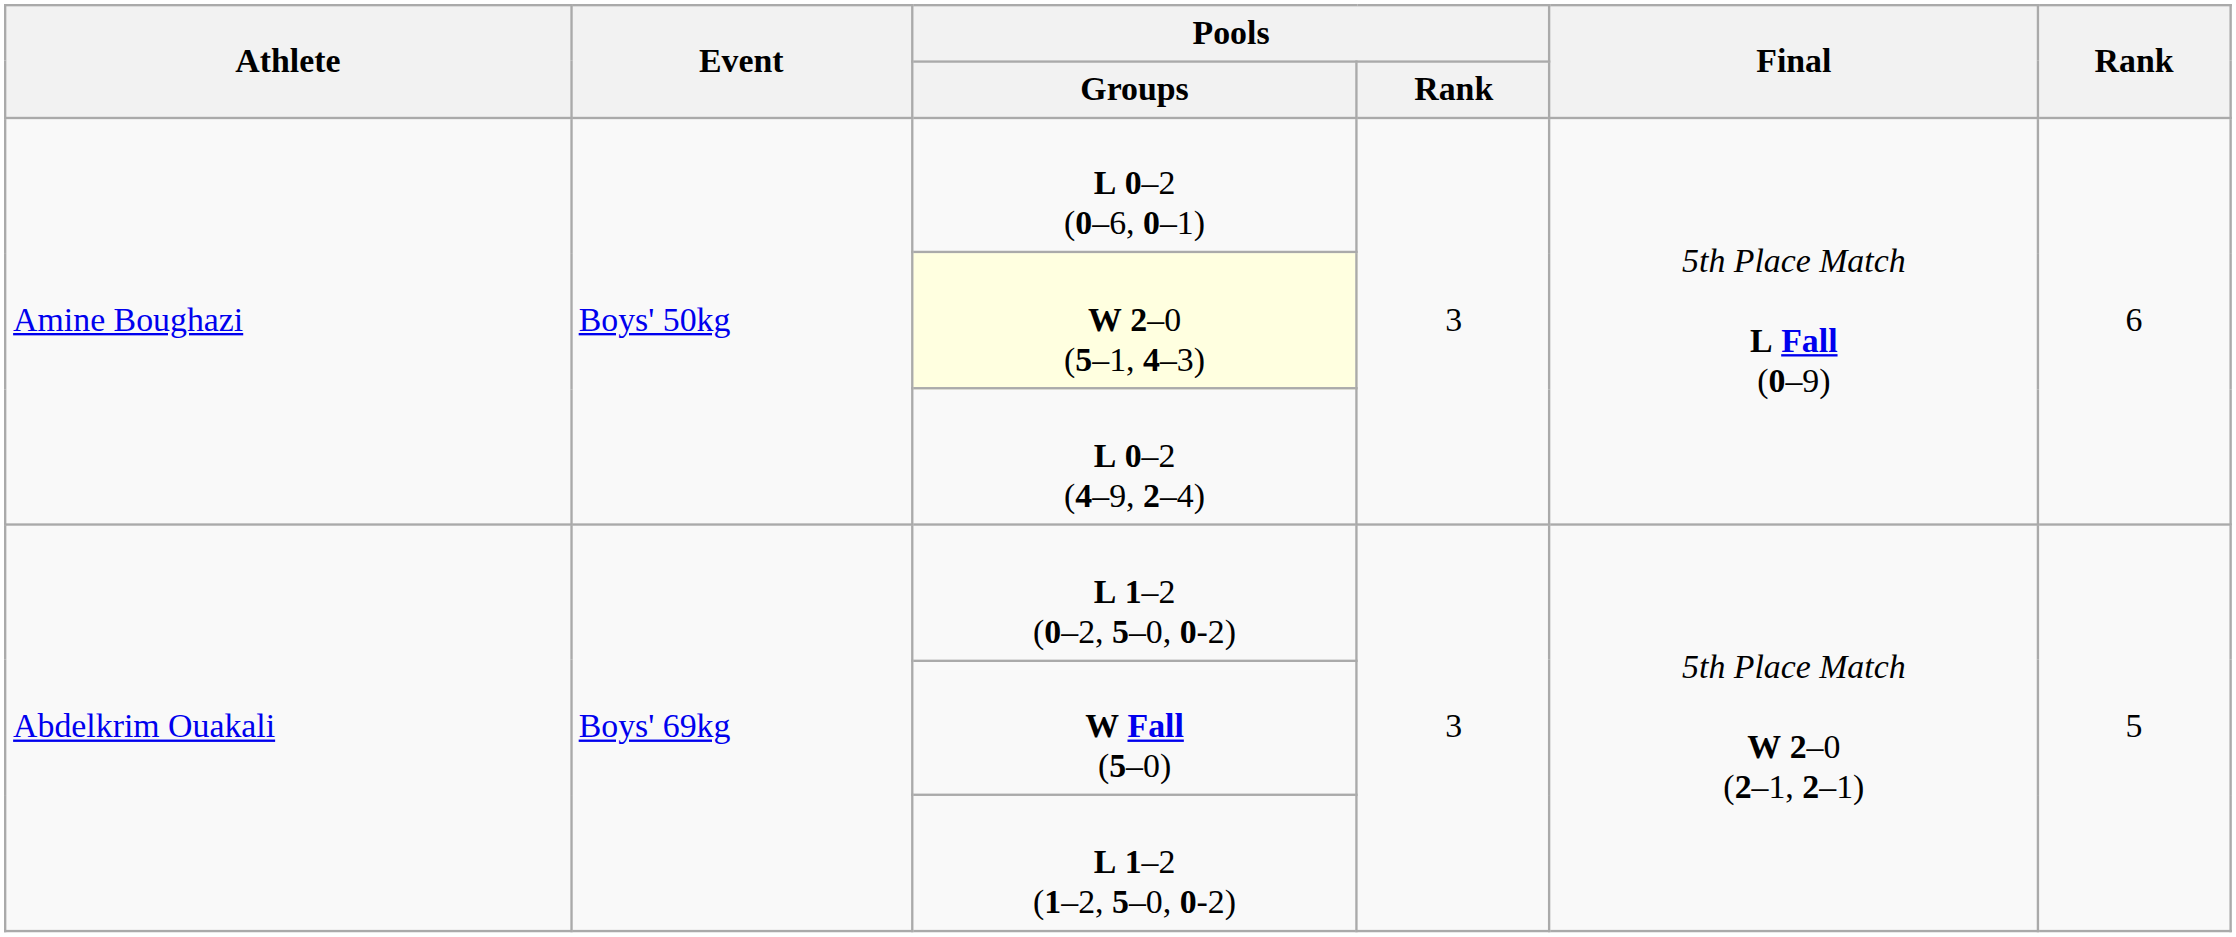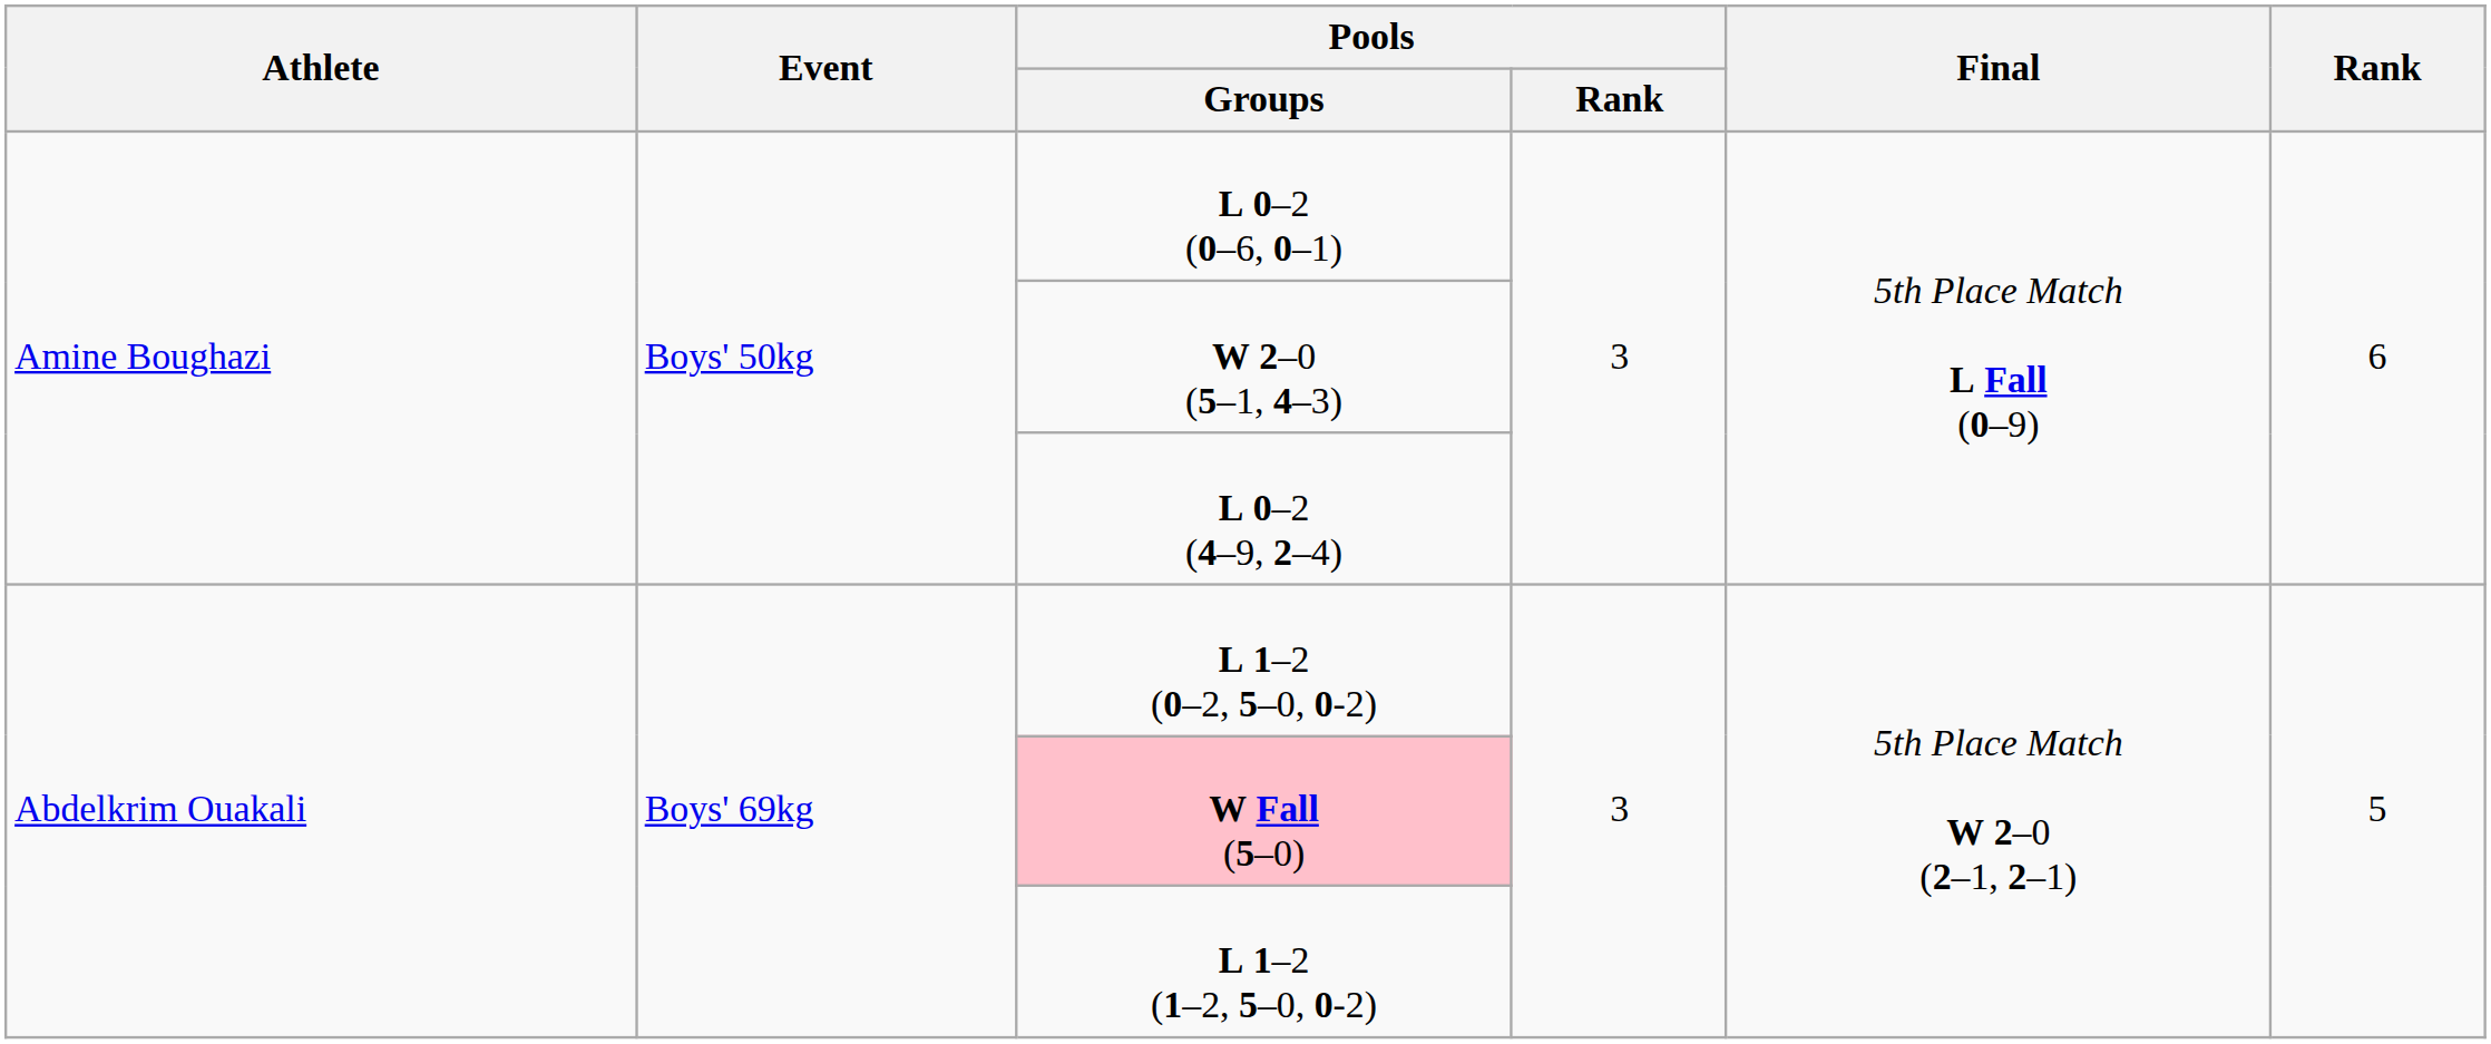 <table class="wikitable" width="75%" style="text-align:left; font-size:90%">
 <tr>
 <th rowspan="2">Athlete</th>
 <th rowspan="2">Event</th>
 <th colspan="2">Pools</th>
 <th rowspan="2">Final</th>
 <th rowspan="2">Rank</th>
 </tr>
 <tr>
 <th>Groups</th>
 <th>Rank</th>
 </tr>
 <tr>
 <td rowspan="3"><a href='#'>Amine Boughazi</a></td>
 <td rowspan="3"><a href='#'>Boys' 50kg</a></td>
 <td align=center><br><strong>L</strong> <strong>0</strong>–2<br>(<strong>0</strong>–6, <strong>0</strong>–1)</td>
 <td rowspan="3" align=center>3</td>
 <td align=center rowspan=3><em>5th Place Match</em><br><br><strong>L</strong> <strong><a href='#'>Fall</a></strong><br>(<strong>0</strong>–9)</td>
 <td rowspan="3" align="center">6</td>
 </tr>
 <tr>
-<td align=center style="background: lightyellow;"><br><strong>W</strong> <strong>2</strong>–0<br>(<strong>5</strong>–1, <strong>4</strong>–3)</td>
+<td align=center><br><strong>W</strong> <strong>2</strong>–0<br>(<strong>5</strong>–1, <strong>4</strong>–3)</td>
 </tr>
 <tr>
 <td align=center><br><strong>L</strong> <strong>0</strong>–2<br>(<strong>4</strong>–9, <strong>2</strong>–4)</td>
 </tr>
 <tr>
 <td rowspan="3"><a href='#'>Abdelkrim Ouakali</a></td>
 <td rowspan="3"><a href='#'>Boys' 69kg</a></td>
 <td align=center><br><strong>L</strong> <strong>1</strong>–2<br>(<strong>0</strong>–2, <strong>5</strong>–0, <strong>0</strong>-2)</td>
 <td rowspan="3" align=center>3</td>
 <td align=center rowspan=3><em>5th Place Match</em><br><br><strong>W</strong> <strong>2</strong>–0<br>(<strong>2</strong>–1, <strong>2</strong>–1)</td>
 <td rowspan="3" align="center">5</td>
 </tr>
 <tr>
-<td align=center><br><strong>W</strong> <strong><a href='#'>Fall</a></strong><br>(<strong>5</strong>–0)</td>
+<td align=center style="background: pink;"><br><strong>W</strong> <strong><a href='#'>Fall</a></strong><br>(<strong>5</strong>–0)</td>
 </tr>
 <tr>
 <td align=center><br><strong>L</strong> <strong>1</strong>–2<br>(<strong>1</strong>–2, <strong>5</strong>–0, <strong>0</strong>-2)</td>
 </tr>
 </table>
